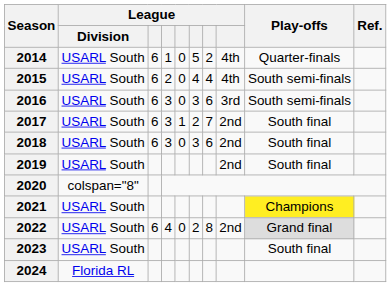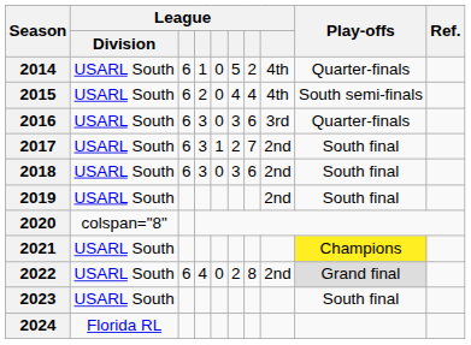 <table class="wikitable" style="text-align: center">
 <tr>
 <th rowspan="2" scope="col">Season</th>
 <th colspan="7" scope="col">League</th>
 <th rowspan="2" scope="col">Play-offs</th>
 <th rowspan="2" scope="col">Ref.</th>
 </tr>
 <tr>
 <th scope="col">Division</th>
 <th scope="col"></th>
 <th scope="col"></th>
 <th scope="col"></th>
 <th scope="col"></th>
 <th scope="col"></th>
 <th scope="col"></th>
 </tr>
 <tr>
 <th scope="row">2014</th>
 <td><a href='#'>USARL</a> South</td>
 <td>6</td>
 <td>1</td>
 <td>0</td>
 <td>5</td>
 <td>2</td>
 <td>4th</td>
 <td>Quarter-finals</td>
 <td></td>
 </tr>
 <tr>
 <th scope="row">2015</th>
 <td><a href='#'>USARL</a> South</td>
 <td>6</td>
 <td>2</td>
 <td>0</td>
 <td>4</td>
 <td>4</td>
 <td>4th</td>
 <td>South semi-finals</td>
 <td></td>
 </tr>
 <tr>
 <th scope="row">2016</th>
 <td><a href='#'>USARL</a> South</td>
 <td>6</td>
 <td>3</td>
 <td>0</td>
 <td>3</td>
 <td>6</td>
 <td>3rd</td>
-<td>South semi-finals</td>
+<td>Quarter-finals</td>
 <td></td>
 </tr>
 <tr>
 <th scope="row">2017</th>
 <td><a href='#'>USARL</a> South</td>
 <td>6</td>
 <td>3</td>
 <td>1</td>
 <td>2</td>
 <td>7</td>
 <td>2nd</td>
 <td>South final</td>
 <td></td>
 </tr>
 <tr>
 <th scope="row">2018</th>
 <td><a href='#'>USARL</a> South</td>
 <td>6</td>
 <td>3</td>
 <td>0</td>
 <td>3</td>
 <td>6</td>
 <td>2nd</td>
 <td>South final</td>
 <td></td>
 </tr>
 <tr>
 <th scope="row">2019</th>
 <td><a href='#'>USARL</a> South</td>
 <td></td>
 <td></td>
 <td></td>
 <td></td>
 <td></td>
 <td>2nd</td>
 <td>South final</td>
 <td></td>
 </tr>
 <tr>
 <th scope="row">2020</th>
 <td>colspan="8" </td>
 <td></td>
 </tr>
 <tr>
 <th scope="row">2021</th>
 <td><a href='#'>USARL</a> South</td>
 <td></td>
 <td></td>
 <td></td>
 <td></td>
 <td></td>
 <td></td>
 <td style="background-color:#FE2">Champions</td>
 <td></td>
 </tr>
 <tr>
 <th scope="row">2022</th>
 <td><a href='#'>USARL</a> South</td>
 <td>6</td>
 <td>4</td>
 <td>0</td>
 <td>2</td>
 <td>8</td>
 <td>2nd</td>
 <td style="background-color:#DDD">Grand final</td>
 <td></td>
 </tr>
 <tr>
 <th scope="row">2023</th>
 <td><a href='#'>USARL</a> South</td>
 <td></td>
 <td></td>
 <td></td>
 <td></td>
 <td></td>
 <td></td>
 <td>South final</td>
 <td></td>
 </tr>
 <tr>
 <th scope="row">2024</th>
 <td><a href='#'>Florida RL</a></td>
 <td></td>
 <td></td>
 <td></td>
 <td></td>
 <td></td>
 <td></td>
 <td></td>
 <td></td>
 </tr>
 </table>
